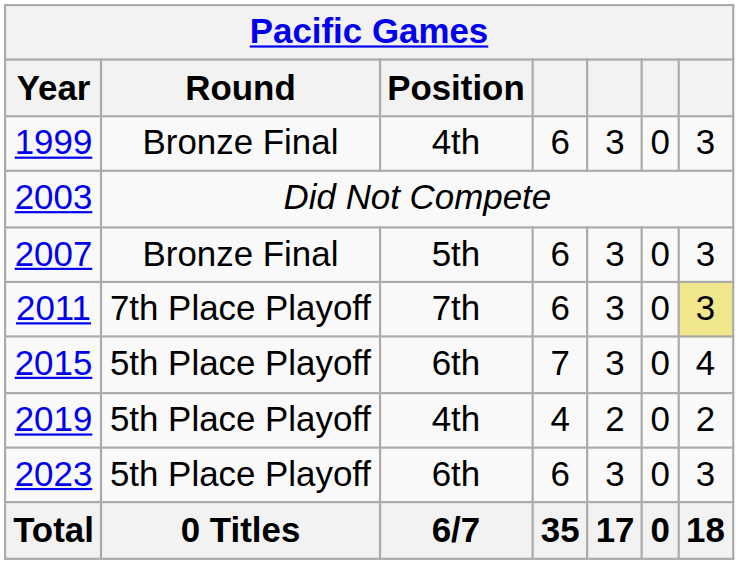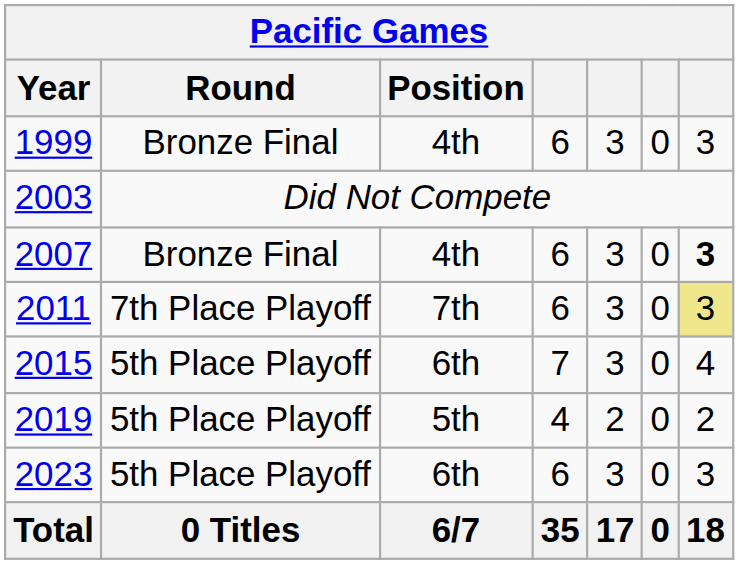 <table class="wikitable" style="text-align: center;">
 <tr>
 <th colspan="7"><a href='#'>Pacific Games</a></th>
 </tr>
 <tr>
 <th>Year</th>
 <th>Round</th>
 <th>Position</th>
 <th></th>
 <th></th>
 <th></th>
 <th></th>
 </tr>
 <tr>
 <td> <a href='#'>1999</a></td>
 <td>Bronze Final</td>
 <td>4th</td>
 <td>6</td>
 <td>3</td>
 <td>0</td>
 <td>3</td>
 </tr>
 <tr>
 <td> <a href='#'>2003</a></td>
 <td colspan="6"><em>Did Not Compete</em></td>
 </tr>
 <tr>
 <td> <a href='#'>2007</a></td>
 <td>Bronze Final</td>
-<td>5th</td>
+<td>4th</td>
 <td>6</td>
 <td>3</td>
 <td>0</td>
-<td>3</td>
+<td><strong>3</strong></td>
 </tr>
 <tr>
 <td> <a href='#'>2011</a></td>
 <td>7th Place Playoff</td>
 <td>7th</td>
 <td>6</td>
 <td>3</td>
 <td>0</td>
 <td style="background: khaki;">3</td>
 </tr>
 <tr>
 <td> <a href='#'>2015</a></td>
 <td>5th Place Playoff</td>
 <td>6th</td>
 <td>7</td>
 <td>3</td>
 <td>0</td>
 <td>4</td>
 </tr>
 <tr>
 <td> <a href='#'>2019</a></td>
 <td>5th Place Playoff</td>
-<td>4th</td>
+<td>5th</td>
 <td>4</td>
 <td>2</td>
 <td>0</td>
 <td>2</td>
 </tr>
 <tr>
 <td> <a href='#'>2023</a></td>
 <td>5th Place Playoff</td>
 <td>6th</td>
 <td>6</td>
 <td>3</td>
 <td>0</td>
 <td>3</td>
 </tr>
 <tr>
 <th>Total</th>
 <th>0 Titles</th>
 <th>6/7</th>
 <th>35</th>
 <th>17</th>
 <th>0</th>
 <th>18</th>
 </tr>
 </table>
